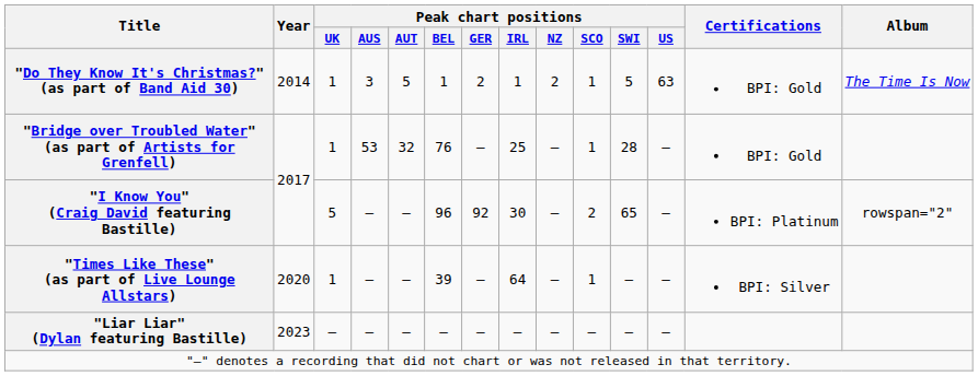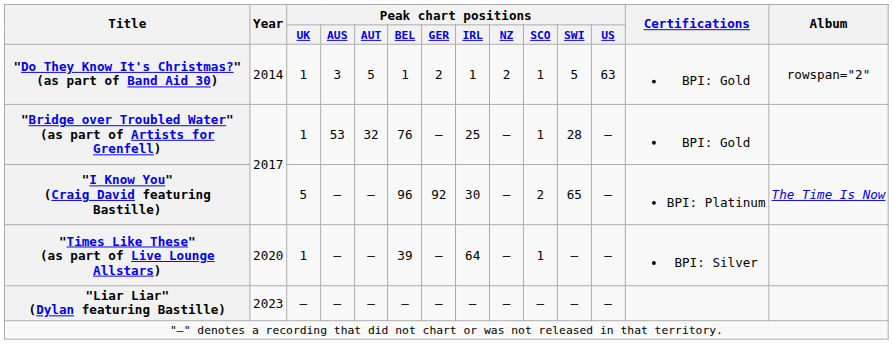 <table class="wikitable plainrowheaders" style="text-align:center;">
 <tr>
 <th scope="col" rowspan="2" style="width:19em;">Title</th>
 <th scope="col" rowspan="2" style="width:1em;">Year</th>
 <th scope="col" colspan="10">Peak chart positions</th>
 <th scope="col" rowspan="2"><a href='#'>Certifications</a></th>
 <th scope="col" rowspan="2">Album</th>
 </tr>
 <tr>
 <th scope="col" style="width:2.5em;font-size:90%;"><a href='#'>UK</a><br></th>
 <th scope="col" style="width:2.5em;font-size:90%;"><a href='#'>AUS</a><br></th>
 <th scope="col" style="width:2.5em;font-size:90%;"><a href='#'>AUT</a><br></th>
 <th scope="col" style="width:2.5em;font-size:90%;"><a href='#'>BEL</a><br></th>
 <th scope="col" style="width:2.5em;font-size:90%;"><a href='#'>GER</a><br></th>
 <th scope="col" style="width:2.5em;font-size:90%;"><a href='#'>IRL</a><br></th>
 <th scope="col" style="width:2.5em;font-size:90%;"><a href='#'>NZ</a><br></th>
 <th scope="col" style="width:2.5em;font-size:90%;"><a href='#'>SCO</a><br></th>
 <th scope="col" style="width:2.5em;font-size:90%;"><a href='#'>SWI</a><br></th>
 <th scope="col" style="width:2.5em;font-size:90%;"><a href='#'>US</a><br></th>
 </tr>
 <tr>
 <th scope="row">"<a href='#'>Do They Know It's Christmas?</a>"<br><span>(as part of <a href='#'>Band Aid 30</a>)</span></th>
 <td>2014</td>
 <td>1</td>
 <td>3</td>
 <td>5</td>
 <td>1</td>
 <td>2</td>
 <td>1</td>
 <td>2</td>
 <td>1</td>
 <td>5</td>
 <td>63</td>
 <td><br><ul><li>BPI: Gold</li></ul></td>
-<td><em><a href='#'>The Time Is Now</a></em></td>
+<td>rowspan="2" </td>
 </tr>
 <tr>
 <th scope="row">"<a href='#'>Bridge over Troubled Water</a>"<br><span>(as part of <a href='#'>Artists for Grenfell</a>)</span></th>
 <td rowspan="2">2017</td>
 <td>1</td>
 <td>53</td>
 <td>32</td>
 <td>76</td>
 <td>—</td>
 <td>25</td>
 <td>—</td>
 <td>1</td>
 <td>28</td>
 <td>—</td>
 <td><br><ul><li>BPI: Gold</li></ul></td>
 </tr>
 <tr>
 <th scope="row">"<a href='#'>I Know You</a>"<br><span>(<a href='#'>Craig David</a> featuring Bastille)</span></th>
 <td>5</td>
 <td>—</td>
 <td>—</td>
 <td>96</td>
 <td>92</td>
 <td>30</td>
 <td>—</td>
 <td>2</td>
 <td>65</td>
 <td>—</td>
 <td><br><ul><li>BPI: Platinum</li></ul></td>
-<td>rowspan="2" </td>
+<td><em><a href='#'>The Time Is Now</a></em></td>
 </tr>
 <tr>
 <th scope="row">"<a href='#'>Times Like These</a>"<br><span>(as part of <a href='#'>Live Lounge Allstars</a>)</span></th>
 <td>2020</td>
 <td>1</td>
 <td>—</td>
 <td>—</td>
 <td>39</td>
 <td>—</td>
 <td>64</td>
 <td>—</td>
 <td>1</td>
 <td>—</td>
 <td>—</td>
 <td><br><ul><li>BPI: Silver</li></ul></td>
 <td></td>
 </tr>
 <tr>
 <th scope="row">"Liar Liar"<br><span>(<a href='#'>Dylan</a> featuring Bastille)</span></th>
 <td>2023</td>
 <td>—</td>
 <td>—</td>
 <td>—</td>
 <td>—</td>
 <td>—</td>
 <td>—</td>
 <td>—</td>
 <td>—</td>
 <td>—</td>
 <td>—</td>
 <td></td>
 <td></td>
 </tr>
 <tr>
 <td colspan="14" style="font-size:90%">"—" denotes a recording that did not chart or was not released in that territory.</td>
 </tr>
 </table>
